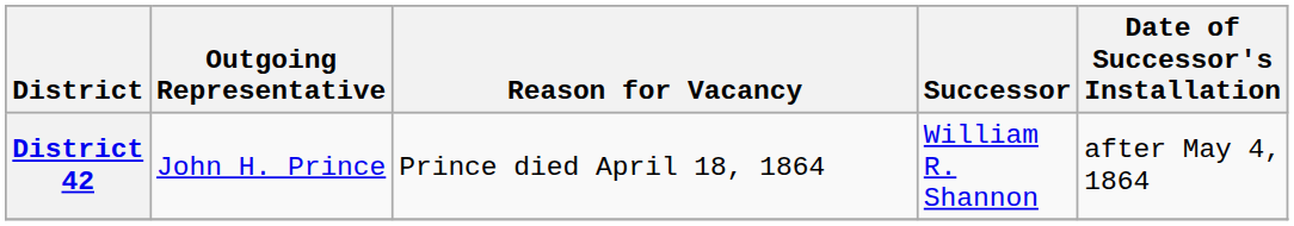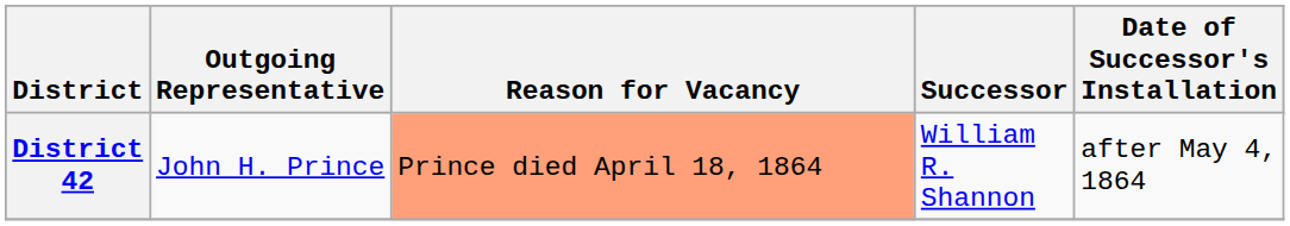 <table class="wikitable">
 <tr bgcolor="#cccccc" align="center" valign="bottom">
 <th>District</th>
 <th>Outgoing<br>Representative</th>
 <th width="50%">Reason for Vacancy</th>
 <th>Successor</th>
 <th width="15%">Date of Successor's Installation</th>
 </tr>
 <tr>
 <th><a href='#'>District 42</a></th>
 <td><a href='#'>John H. Prince</a></td>
-<td>Prince died April 18, 1864</td>
+<td style="background: lightsalmon;">Prince died April 18, 1864</td>
 <td><a href='#'>William R. Shannon</a></td>
 <td>after May 4, 1864</td>
 </tr>
 <tr>
 </tr>
 </table>
